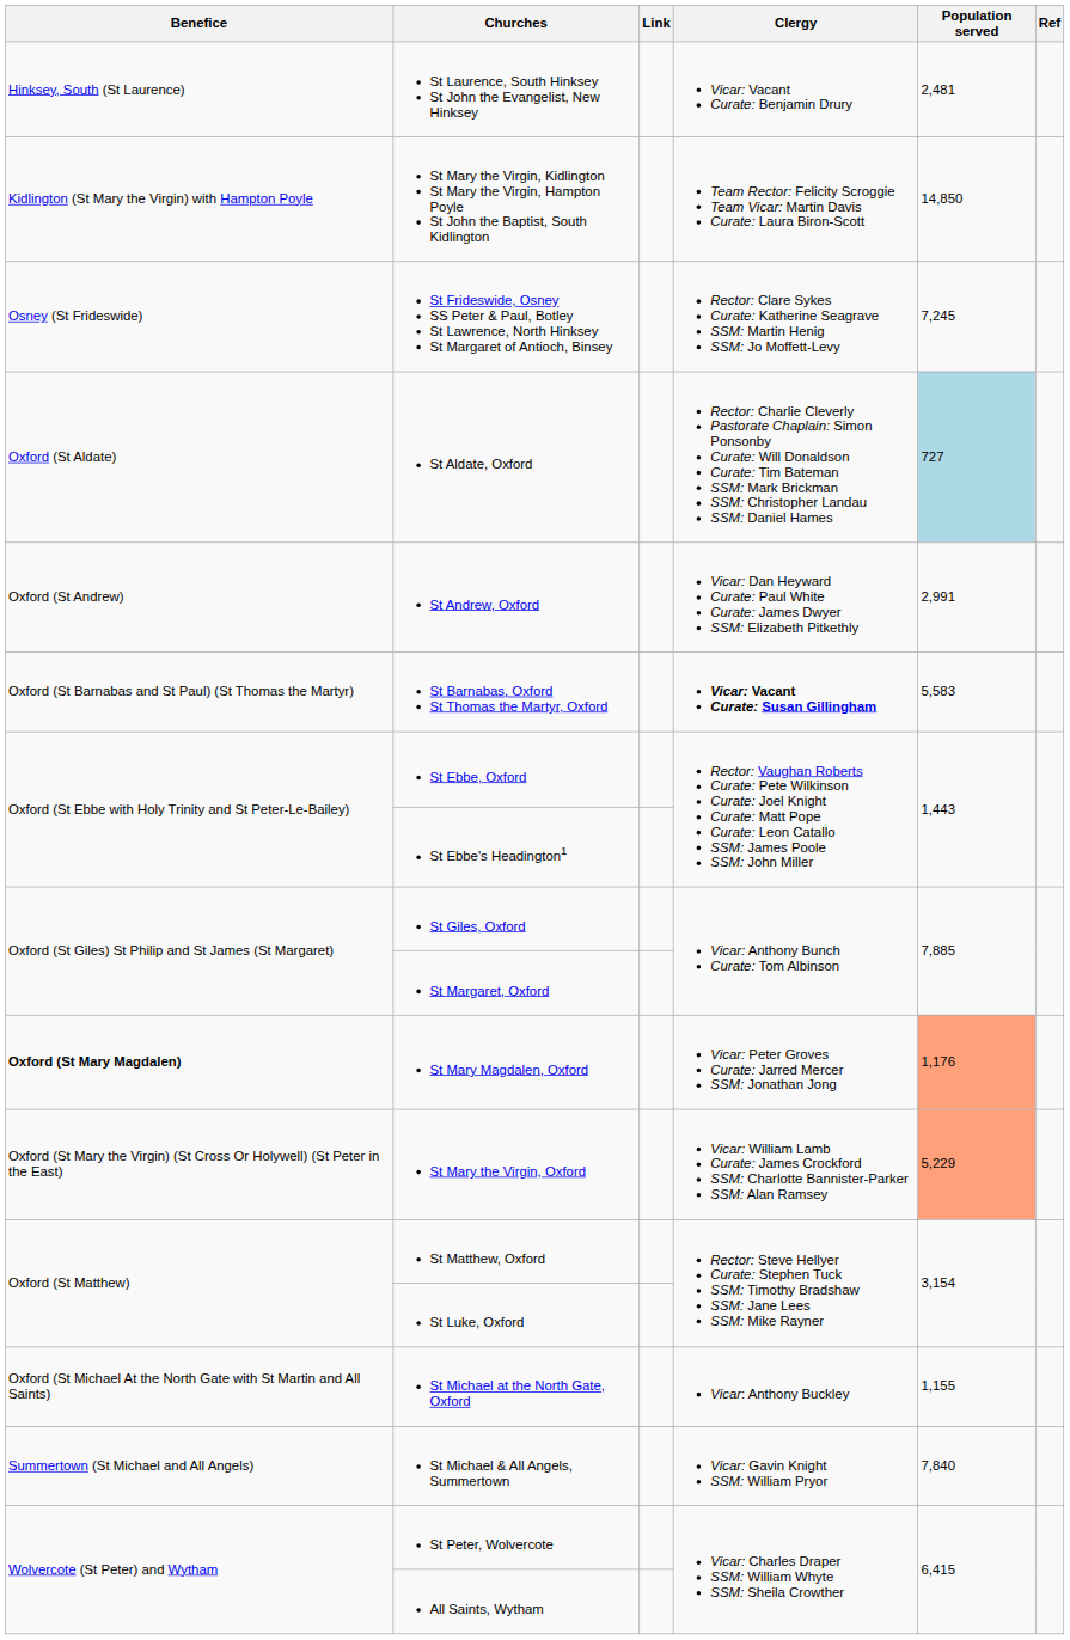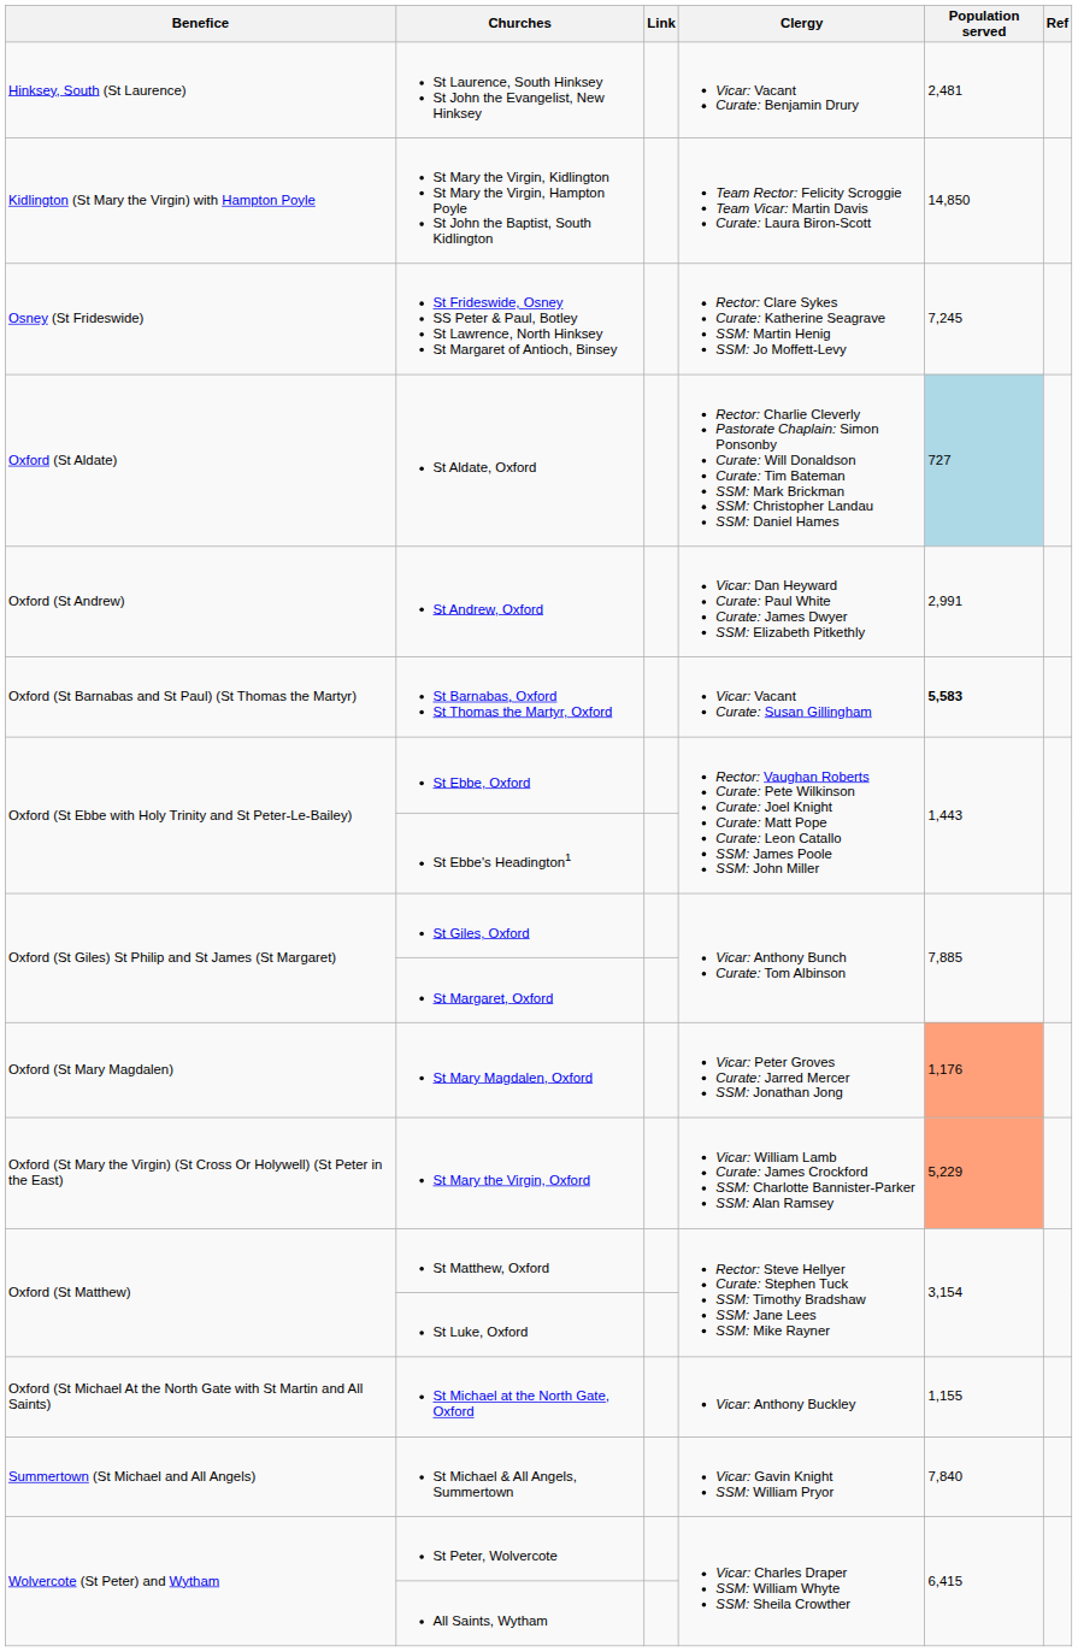 <table class="wikitable">
 <tr>
 <th>Benefice</th>
 <th>Churches</th>
 <th>Link</th>
 <th>Clergy</th>
 <th>Population served</th>
 <th>Ref</th>
 </tr>
 <tr>
 <td><a href='#'>Hinksey, South</a> (St Laurence)</td>
 <td><br><ul><li>St Laurence, South Hinksey</li><li>St John the Evangelist, New Hinksey</li></ul></td>
 <td></td>
 <td><br><ul><li><em>Vicar:</em> Vacant</li><li><em>Curate:</em> Benjamin Drury</li></ul></td>
 <td>2,481</td>
 <td></td>
 </tr>
 <tr>
 <td><a href='#'>Kidlington</a> (St Mary the Virgin) with <a href='#'>Hampton Poyle</a></td>
 <td><br><ul><li>St Mary the Virgin, Kidlington</li><li>St Mary the Virgin, Hampton Poyle</li><li>St John the Baptist, South Kidlington</li></ul></td>
 <td></td>
 <td><br><ul><li><em>Team Rector:</em> Felicity Scroggie</li><li><em>Team Vicar:</em> Martin Davis</li><li><em>Curate:</em> Laura Biron-Scott</li></ul></td>
 <td>14,850</td>
 <td></td>
 </tr>
 <tr>
 <td><a href='#'>Osney</a> (St Frideswide)</td>
 <td><br><ul><li><a href='#'>St Frideswide, Osney</a></li><li>SS Peter & Paul, Botley</li><li>St Lawrence, North Hinksey</li><li>St Margaret of Antioch, Binsey</li></ul></td>
 <td></td>
 <td><br><ul><li><em>Rector:</em> Clare Sykes</li><li><em>Curate:</em> Katherine Seagrave</li><li><em>SSM:</em> Martin Henig</li><li><em>SSM:</em> Jo Moffett-Levy</li></ul></td>
 <td>7,245</td>
 <td></td>
 </tr>
 <tr>
 <td><a href='#'>Oxford</a> (St Aldate)</td>
 <td><br><ul><li>St Aldate, Oxford</li></ul></td>
 <td></td>
 <td><br><ul><li><em>Rector:</em> Charlie Cleverly</li><li><em>Pastorate Chaplain:</em> Simon Ponsonby</li><li><em>Curate:</em> Will Donaldson</li><li><em>Curate:</em> Tim Bateman</li><li><em>SSM:</em> Mark Brickman</li><li><em>SSM:</em> Christopher Landau</li><li><em>SSM:</em> Daniel Hames</li></ul></td>
 <td style="background: lightblue;">727</td>
 <td></td>
 </tr>
 <tr>
 <td>Oxford (St Andrew)</td>
 <td><br><ul><li><a href='#'>St Andrew, Oxford</a></li></ul></td>
 <td></td>
 <td><br><ul><li><em>Vicar:</em> Dan Heyward</li><li><em>Curate:</em> Paul White</li><li><em>Curate:</em> James Dwyer</li><li><em>SSM:</em> Elizabeth Pitkethly</li></ul></td>
 <td>2,991</td>
 <td></td>
 </tr>
 <tr>
 <td>Oxford (St Barnabas and St Paul) (St Thomas the Martyr)</td>
 <td><br><ul><li><a href='#'>St Barnabas, Oxford</a></li><li><a href='#'>St Thomas the Martyr, Oxford</a></li></ul></td>
 <td></td>
-<td><strong><br><ul><li><em>Vicar:</em> Vacant</li><li><em>Curate:</em> <a href='#'>Susan Gillingham</a></li></ul></strong></td>
-<td>5,583</td>
+<td><br><ul><li><em>Vicar:</em> Vacant</li><li><em>Curate:</em> <a href='#'>Susan Gillingham</a></li></ul></td>
+<td><strong>5,583</strong></td>
 <td></td>
 </tr>
 <tr>
 <td rowspan="2">Oxford (St Ebbe with Holy Trinity and St Peter-Le-Bailey)</td>
 <td><br><ul><li><a href='#'>St Ebbe, Oxford</a></li></ul></td>
 <td></td>
 <td rowspan="2"><br><ul><li><em>Rector:</em> <a href='#'>Vaughan Roberts</a></li><li><em>Curate:</em> Pete Wilkinson</li><li><em>Curate:</em> Joel Knight</li><li><em>Curate:</em> Matt Pope</li><li><em>Curate:</em> Leon Catallo</li><li><em>SSM:</em> James Poole</li><li><em>SSM:</em> John Miller</li></ul></td>
 <td rowspan="2">1,443</td>
 <td rowspan="2"></td>
 </tr>
 <tr>
 <td><br><ul><li>St Ebbe's Headington<sup>1</sup></li></ul></td>
 <td></td>
 </tr>
 <tr>
 <td rowspan="2">Oxford (St Giles) St Philip and St James (St Margaret)</td>
 <td><br><ul><li><a href='#'>St Giles, Oxford</a></li></ul></td>
 <td></td>
 <td rowspan="2"><br><ul><li><em>Vicar:</em> Anthony Bunch</li><li><em>Curate:</em> Tom Albinson</li></ul></td>
 <td rowspan="2">7,885</td>
 <td rowspan="2"></td>
 </tr>
 <tr>
 <td><br><ul><li><a href='#'>St Margaret, Oxford</a></li></ul></td>
 <td></td>
 </tr>
 <tr>
-<td><strong>Oxford (St Mary Magdalen)</strong></td>
+<td>Oxford (St Mary Magdalen)</td>
 <td><br><ul><li><a href='#'>St Mary Magdalen, Oxford</a></li></ul></td>
 <td></td>
 <td><br><ul><li><em>Vicar:</em> Peter Groves</li><li><em>Curate:</em> Jarred Mercer</li><li><em>SSM:</em> Jonathan Jong</li></ul></td>
 <td style="background: lightsalmon;">1,176</td>
 <td></td>
 </tr>
 <tr>
 <td>Oxford (St Mary the Virgin) (St Cross Or Holywell) (St Peter in the East)</td>
 <td><br><ul><li><a href='#'>St Mary the Virgin, Oxford</a></li></ul></td>
 <td></td>
 <td><br><ul><li><em>Vicar:</em> William Lamb</li><li><em>Curate:</em> James Crockford</li><li><em>SSM:</em> Charlotte Bannister-Parker</li><li><em>SSM:</em> Alan Ramsey</li></ul></td>
 <td style="background: lightsalmon;">5,229</td>
 <td></td>
 </tr>
 <tr>
 <td rowspan="2">Oxford (St Matthew)</td>
 <td><br><ul><li>St Matthew, Oxford</li></ul></td>
 <td></td>
 <td rowspan="2"><br><ul><li><em>Rector:</em> Steve Hellyer</li><li><em>Curate:</em> Stephen Tuck</li><li><em>SSM:</em> Timothy Bradshaw</li><li><em>SSM:</em> Jane Lees</li><li><em>SSM:</em> Mike Rayner</li></ul></td>
 <td rowspan="2">3,154</td>
 <td rowspan="2"></td>
 </tr>
 <tr>
 <td><br><ul><li>St Luke, Oxford</li></ul></td>
 <td></td>
 </tr>
 <tr>
 <td>Oxford (St Michael At the North Gate with St Martin and All Saints)</td>
 <td><br><ul><li><a href='#'>St Michael at the North Gate, Oxford</a></li></ul></td>
 <td></td>
 <td><br><ul><li><em>Vicar</em>: Anthony Buckley</li></ul></td>
 <td>1,155</td>
 <td></td>
 </tr>
 <tr>
 <td><a href='#'>Summertown</a> (St Michael and All Angels)</td>
 <td><br><ul><li>St Michael & All Angels, Summertown</li></ul></td>
 <td></td>
 <td><br><ul><li><em>Vicar:</em> Gavin Knight</li><li><em>SSM:</em> William Pryor</li></ul></td>
 <td>7,840</td>
 <td></td>
 </tr>
 <tr>
 <td rowspan="2"><a href='#'>Wolvercote</a> (St Peter) and <a href='#'>Wytham</a></td>
 <td><br><ul><li>St Peter, Wolvercote</li></ul></td>
 <td></td>
 <td rowspan="2"><br><ul><li><em>Vicar:</em> Charles Draper</li><li><em>SSM:</em> William Whyte</li><li><em>SSM:</em> Sheila Crowther</li></ul></td>
 <td rowspan="2">6,415</td>
 <td rowspan="2"></td>
 </tr>
 <tr>
 <td><br><ul><li>All Saints, Wytham</li></ul></td>
 <td></td>
 </tr>
 </table>
